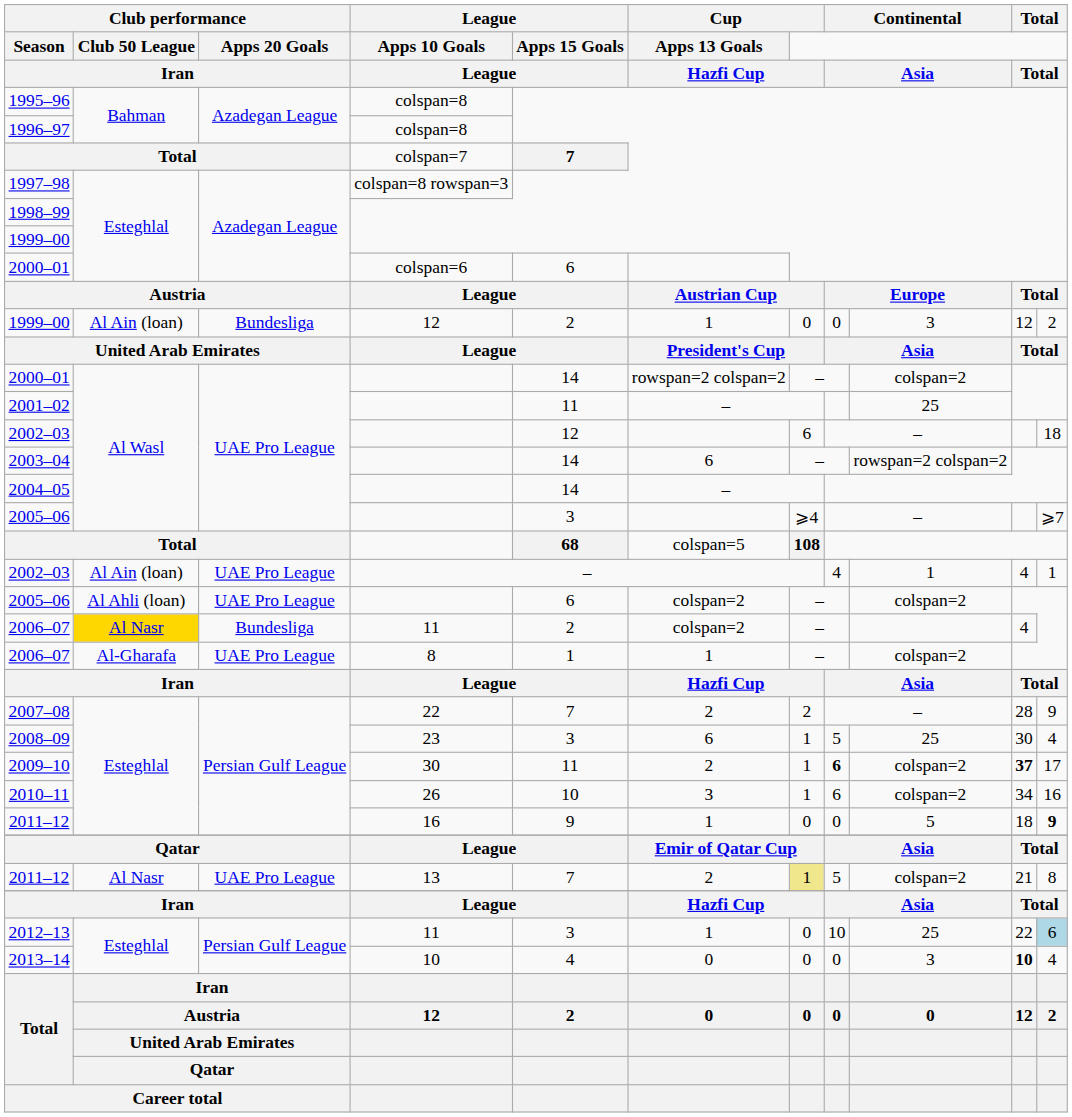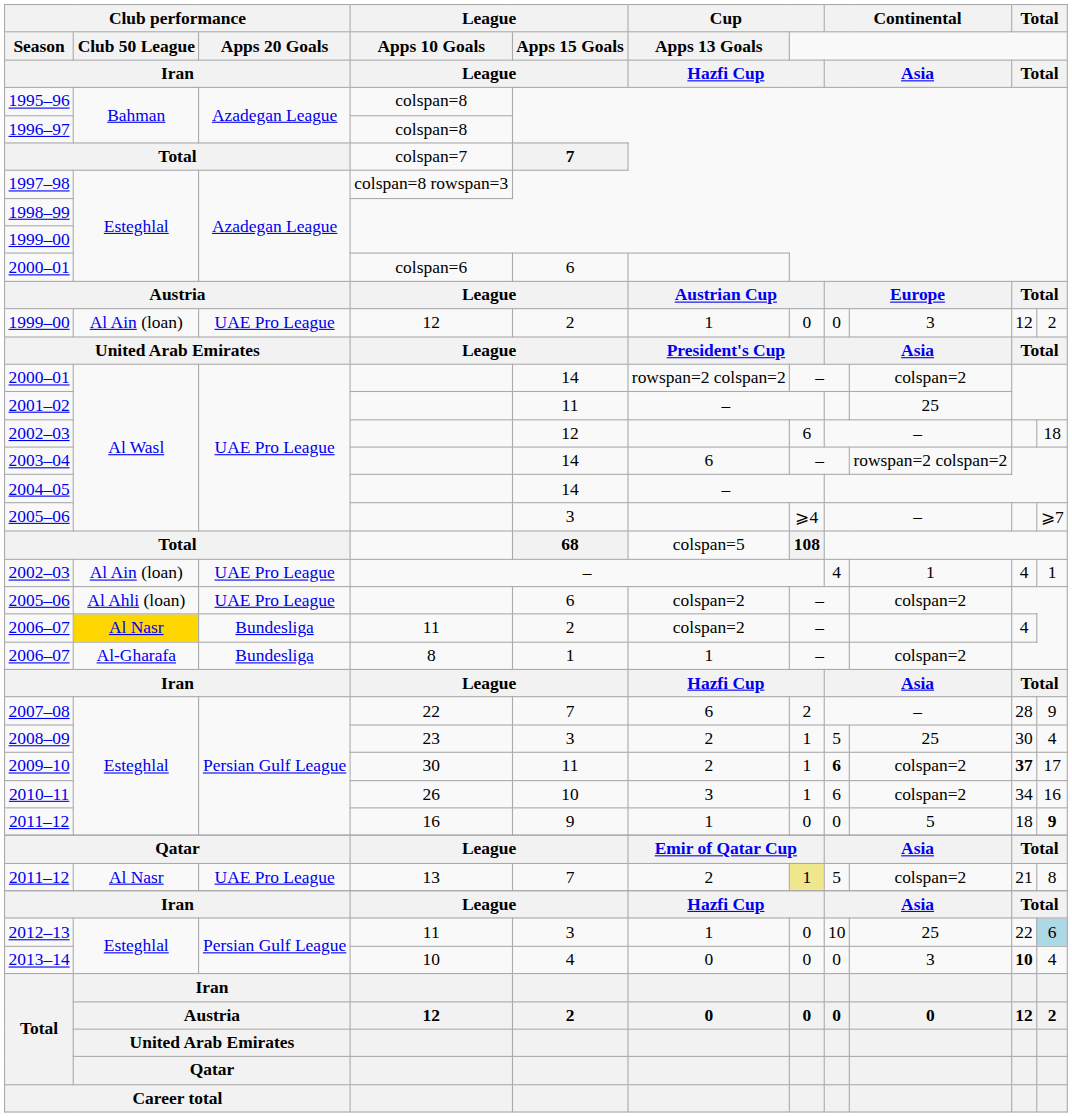 <table class="wikitable" style="text-align:center">
 <tr>
 <th colspan=3>Club performance</th>
 <th colspan=2>League</th>
 <th colspan=2>Cup</th>
 <th colspan=2>Continental</th>
 <th colspan=2>Total</th>
 </tr>
 <tr>
 <th>Season</th>
 <th>Club 50 League</th>
 <th>Apps 20 Goals</th>
 <th>Apps 10 Goals</th>
 <th>Apps 15 Goals</th>
 <th>Apps 13 Goals</th>
 </tr>
 <tr>
 <th colspan=3>Iran</th>
 <th colspan=2>League</th>
 <th colspan=2><a href='#'>Hazfi Cup</a></th>
 <th colspan=2><a href='#'>Asia</a></th>
 <th colspan=2>Total</th>
 </tr>
 <tr>
 <td><a href='#'>1995–96</a></td>
 <td rowspan=2><a href='#'>Bahman</a></td>
 <td rowspan=2><a href='#'>Azadegan League</a></td>
 <td>colspan=8 </td>
 </tr>
 <tr>
 <td><a href='#'>1996–97</a></td>
 <td>colspan=8 </td>
 </tr>
 <tr>
 <th colspan=3>Total</th>
 <td>colspan=7 </td>
 <th>7</th>
 </tr>
 <tr>
 <td><a href='#'>1997–98</a></td>
 <td rowspan=4><a href='#'>Esteghlal</a></td>
 <td rowspan=4><a href='#'>Azadegan League</a></td>
 <td>colspan=8 rowspan=3 </td>
 </tr>
 <tr>
 <td><a href='#'>1998–99</a></td>
 </tr>
 <tr>
 <td><a href='#'>1999–00</a></td>
 </tr>
 <tr>
 <td><a href='#'>2000–01</a></td>
 <td>colspan=6 </td>
 <td>6</td>
 <td></td>
 </tr>
 <tr>
 <th colspan=3>Austria</th>
 <th colspan=2>League</th>
 <th colspan=2><a href='#'>Austrian Cup</a></th>
 <th colspan=2><a href='#'>Europe</a></th>
 <th colspan=2>Total</th>
 </tr>
 <tr>
 <td><a href='#'>1999–00</a></td>
 <td><a href='#'>Al Ain</a> (loan)</td>
-<td rowspan=1><a href='#'>Bundesliga</a></td>
+<td><a href='#'>UAE Pro League</a></td>
 <td>12</td>
 <td>2</td>
 <td>1</td>
 <td>0</td>
 <td>0</td>
 <td>3</td>
 <td>12</td>
 <td>2</td>
 </tr>
 <tr>
 <th colspan=3>United Arab Emirates</th>
 <th colspan=2>League</th>
 <th colspan=2><a href='#'>President's Cup</a></th>
 <th colspan=2><a href='#'>Asia</a></th>
 <th colspan=2>Total</th>
 </tr>
 <tr>
 <td><a href='#'>2000–01</a></td>
 <td rowspan=6><a href='#'>Al Wasl</a></td>
 <td rowspan=6><a href='#'>UAE Pro League</a></td>
 <td></td>
 <td>14</td>
 <td>rowspan=2 colspan=2 </td>
 <td colspan=2>–</td>
 <td>colspan=2 </td>
 </tr>
 <tr>
 <td><a href='#'>2001–02</a></td>
 <td></td>
 <td>11</td>
 <td colspan=2>–</td>
 <td></td>
 <td>25</td>
 </tr>
 <tr>
 <td><a href='#'>2002–03</a></td>
 <td></td>
 <td>12</td>
 <td></td>
 <td>6</td>
 <td colspan=2>–</td>
 <td></td>
 <td>18</td>
 </tr>
 <tr>
 <td><a href='#'>2003–04</a></td>
 <td></td>
 <td>14</td>
 <td>6</td>
 <td colspan=2>–</td>
 <td>rowspan=2 colspan=2 </td>
 </tr>
 <tr>
 <td><a href='#'>2004–05</a></td>
 <td></td>
 <td>14</td>
 <td colspan=2>–</td>
 </tr>
 <tr>
 <td><a href='#'>2005–06</a></td>
 <td></td>
 <td>3</td>
 <td></td>
 <td>⩾4</td>
 <td colspan=2>–</td>
 <td></td>
 <td>⩾7</td>
 </tr>
 <tr>
 <th colspan=3>Total</th>
 <td></td>
 <th>68</th>
 <td>colspan=5 </td>
 <th>108</th>
 </tr>
 <tr>
 <td><a href='#'>2002–03</a></td>
 <td><a href='#'>Al Ain</a> (loan)</td>
 <td><a href='#'>UAE Pro League</a></td>
 <td colspan=4>–</td>
 <td>4</td>
 <td>1</td>
 <td>4</td>
 <td>1</td>
 </tr>
 <tr>
 <td><a href='#'>2005–06</a></td>
 <td><a href='#'>Al Ahli</a> (loan)</td>
 <td><a href='#'>UAE Pro League</a></td>
 <td></td>
 <td>6</td>
 <td>colspan=2 </td>
 <td colspan=2>–</td>
 <td>colspan=2 </td>
 </tr>
 <tr>
 <td><a href='#'>2006–07</a></td>
 <td style="background: gold;"><a href='#'>Al Nasr</a></td>
 <td rowspan=1><a href='#'>Bundesliga</a></td>
 <td>11</td>
 <td>2</td>
 <td>colspan=2 </td>
 <td colspan=2>–</td>
 <td></td>
 <td>4</td>
 </tr>
 <tr>
 <td><a href='#'>2006–07</a></td>
 <td><a href='#'>Al-Gharafa</a></td>
-<td><a href='#'>UAE Pro League</a></td>
+<td rowspan=1><a href='#'>Bundesliga</a></td>
 <td>8</td>
 <td>1</td>
 <td>1</td>
 <td colspan=2>–</td>
 <td>colspan=2 </td>
 </tr>
 <tr>
 <th colspan=3>Iran</th>
 <th colspan=2>League</th>
 <th colspan=2><a href='#'>Hazfi Cup</a></th>
 <th colspan=2><a href='#'>Asia</a></th>
 <th colspan=2>Total</th>
 </tr>
 <tr>
 <td><a href='#'>2007–08</a></td>
 <td rowspan=5><a href='#'>Esteghlal</a></td>
 <td rowspan=5><a href='#'>Persian Gulf League</a></td>
 <td>22</td>
 <td>7</td>
-<td>2</td>
+<td>6</td>
 <td>2</td>
 <td colspan=2>–</td>
 <td>28</td>
 <td>9</td>
 </tr>
 <tr>
 <td><a href='#'>2008–09</a></td>
 <td>23</td>
 <td>3</td>
-<td>6</td>
+<td>2</td>
 <td>1</td>
 <td>5</td>
 <td>25</td>
 <td>30</td>
 <td>4</td>
 </tr>
 <tr>
 <td><a href='#'>2009–10</a></td>
 <td>30</td>
 <td>11</td>
 <td>2</td>
 <td>1</td>
 <td><strong>6</strong></td>
 <td>colspan=2 </td>
 <td><strong>37</strong></td>
 <td>17</td>
 </tr>
 <tr>
 <td><a href='#'>2010–11</a></td>
 <td>26</td>
 <td>10</td>
 <td>3</td>
 <td>1</td>
 <td>6</td>
 <td>colspan=2 </td>
 <td>34</td>
 <td>16</td>
 </tr>
 <tr>
 <td><a href='#'>2011–12</a></td>
 <td>16</td>
 <td>9</td>
 <td>1</td>
 <td>0</td>
 <td>0</td>
 <td>5</td>
 <td>18</td>
 <td><strong>9</strong></td>
 </tr>
 <tr>
 </tr>
 <tr>
 <th colspan=3>Qatar</th>
 <th colspan=2>League</th>
 <th colspan=2><a href='#'>Emir of Qatar Cup</a></th>
 <th colspan=2><a href='#'>Asia</a></th>
 <th colspan=2>Total</th>
 </tr>
 <tr>
 <td><a href='#'>2011–12</a></td>
 <td><a href='#'>Al Nasr</a></td>
 <td><a href='#'>UAE Pro League</a></td>
 <td>13</td>
 <td>7</td>
 <td>2</td>
 <td style="background: khaki;">1</td>
 <td>5</td>
 <td>colspan=2 </td>
 <td>21</td>
 <td>8</td>
 </tr>
 <tr>
 </tr>
 <tr>
 <th colspan=3>Iran</th>
 <th colspan=2>League</th>
 <th colspan=2><a href='#'>Hazfi Cup</a></th>
 <th colspan=2><a href='#'>Asia</a></th>
 <th colspan=2>Total</th>
 </tr>
 <tr>
 <td><a href='#'>2012–13</a></td>
 <td rowspan=2><a href='#'>Esteghlal</a></td>
 <td rowspan=2><a href='#'>Persian Gulf League</a></td>
 <td>11</td>
 <td>3</td>
 <td>1</td>
 <td>0</td>
 <td>10</td>
 <td>25</td>
 <td>22</td>
 <td style="background: lightblue;">6</td>
 </tr>
 <tr>
 <td><a href='#'>2013–14</a></td>
 <td>10</td>
 <td>4</td>
 <td>0</td>
 <td>0</td>
 <td>0</td>
 <td>3</td>
 <td><strong>10</strong></td>
 <td>4</td>
 </tr>
 <tr>
 <th rowspan=4>Total</th>
 <th colspan=2>Iran</th>
 <th></th>
 <th></th>
 <th></th>
 <th></th>
 <th></th>
 <th></th>
 <th></th>
 <th></th>
 </tr>
 <tr>
 <th colspan=2>Austria</th>
 <th>12</th>
 <th>2</th>
 <th>0</th>
 <th>0</th>
 <th>0</th>
 <th>0</th>
 <th>12</th>
 <th>2</th>
 </tr>
 <tr>
 <th colspan=2>United Arab Emirates</th>
 <th></th>
 <th></th>
 <th></th>
 <th></th>
 <th></th>
 <th></th>
 <th></th>
 <th></th>
 </tr>
 <tr>
 <th colspan=2>Qatar</th>
 <th></th>
 <th></th>
 <th></th>
 <th></th>
 <th></th>
 <th></th>
 <th></th>
 <th></th>
 </tr>
 <tr>
 <th colspan=3>Career total</th>
 <th></th>
 <th></th>
 <th></th>
 <th></th>
 <th></th>
 <th></th>
 <th></th>
 <th></th>
 </tr>
 </table>
